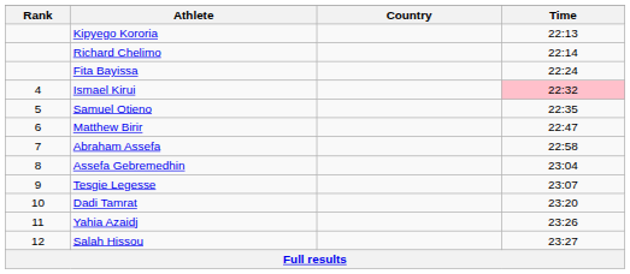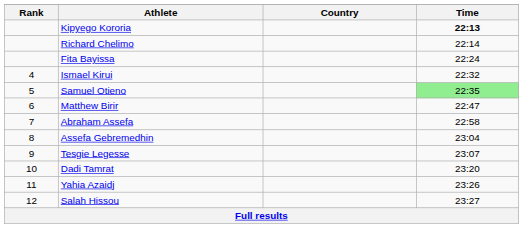 <table class="wikitable sortable" style=" text-align:center; font-size:95%;" width="50%">
 <tr>
 </tr>
 <tr>
 <th width=5%>Rank</th>
 <th width=20%>Athlete</th>
 <th width=15%>Country</th>
 <th width=10%>Time</th>
 </tr>
 <tr>
 <td align=center></td>
 <td align=left><a href='#'>Kipyego Kororia</a></td>
 <td align=left></td>
-<td>22:13</td>
+<td><strong>22:13</strong></td>
 </tr>
 <tr>
 <td align=center></td>
 <td align=left><a href='#'>Richard Chelimo</a></td>
 <td align=left></td>
 <td>22:14</td>
 </tr>
 <tr>
 <td align=center></td>
 <td align=left><a href='#'>Fita Bayissa</a></td>
 <td align=left></td>
 <td>22:24</td>
 </tr>
 <tr>
 <td align=center>4</td>
 <td align=left><a href='#'>Ismael Kirui</a></td>
 <td align=left></td>
-<td style="background: pink;">22:32</td>
+<td>22:32</td>
 </tr>
 <tr>
 <td align=center>5</td>
 <td align=left><a href='#'>Samuel Otieno</a></td>
 <td align=left></td>
-<td>22:35</td>
+<td style="background: lightgreen;">22:35</td>
 </tr>
 <tr>
 <td align=center>6</td>
 <td align=left><a href='#'>Matthew Birir</a></td>
 <td align=left></td>
 <td>22:47</td>
 </tr>
 <tr>
 <td align=center>7</td>
 <td align=left><a href='#'>Abraham Assefa</a></td>
 <td align=left></td>
 <td>22:58</td>
 </tr>
 <tr>
 <td align=center>8</td>
 <td align=left><a href='#'>Assefa Gebremedhin</a></td>
 <td align=left></td>
 <td>23:04</td>
 </tr>
 <tr>
 <td align=center>9</td>
 <td align=left><a href='#'>Tesgie Legesse</a></td>
 <td align=left></td>
 <td>23:07</td>
 </tr>
 <tr>
 <td align=center>10</td>
 <td align=left><a href='#'>Dadi Tamrat</a></td>
 <td align=left></td>
 <td>23:20</td>
 </tr>
 <tr>
 <td align=center>11</td>
 <td align=left><a href='#'>Yahia Azaidj</a></td>
 <td align=left></td>
 <td>23:26</td>
 </tr>
 <tr>
 <td align=center>12</td>
 <td align=left><a href='#'>Salah Hissou</a></td>
 <td align=left></td>
 <td>23:27</td>
 </tr>
 <tr class="sortbottom">
 <th colspan=4 align=center><a href='#'>Full results</a></th>
 </tr>
 </table>
